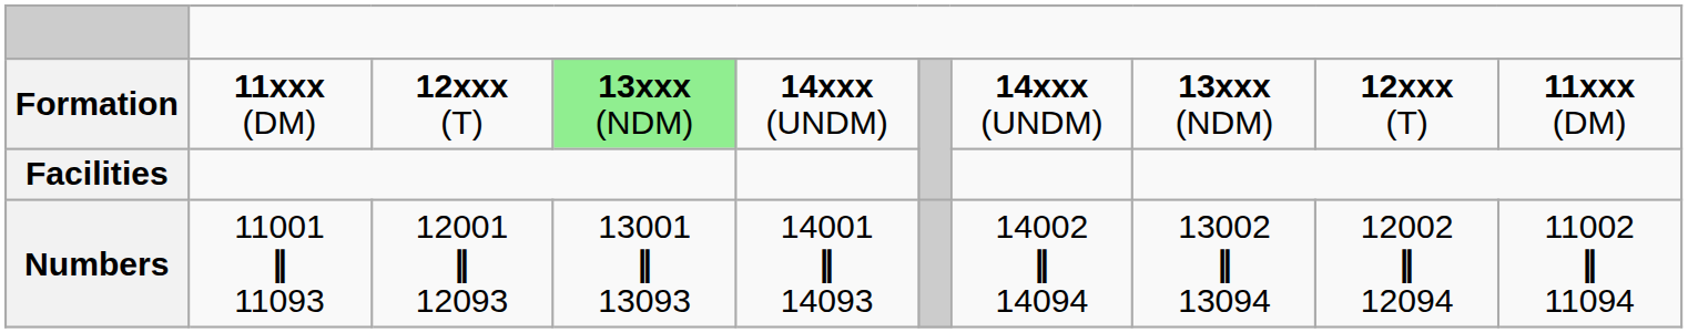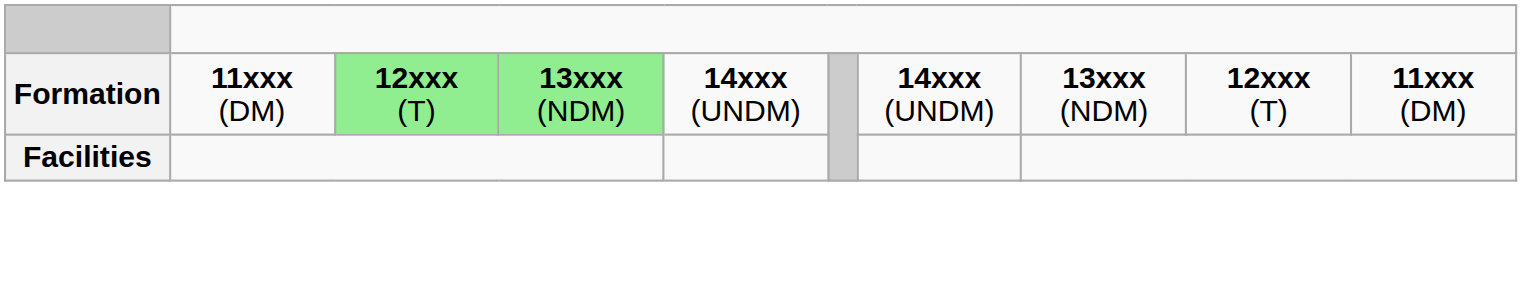 <table class="wikitable" style="text-align:center; font-size:90%;">
 <tr>
 <th style="background-color:#ccc;"> </th>
 <td colspan="9"></td>
 </tr>
 <tr style="border-top:solid 4px #">
 <th style="width:5em">Formation</th>
 <td style="width:5em"><strong>11xxx</strong><br>(DM)</td>
-<td style="width:5em"><strong>12xxx</strong><br>(T)</td>
+<td style="background: lightgreen; width:5em"><strong>12xxx</strong><br>(T)</td>
 <td style="background: lightgreen; width:5em"><strong>13xxx</strong><br>(NDM)</td>
 <td style="width:5em"><strong>14xxx</strong><br>(UNDM)</td>
 <th rowspan="2" style="width:0.5em; background-color:#ccc;"></th>
 <td style="width:5em"><strong>14xxx</strong><br>(UNDM)</td>
 <td style="width:5em"><strong>13xxx</strong><br>(NDM)</td>
 <td style="width:5em"><strong>12xxx</strong><br>(T)</td>
 <td style="width:5em"><strong>11xxx</strong><br>(DM)</td>
 </tr>
 <tr style="border-bottom:solid 4px #">
 <th>Facilities</th>
 <td colspan="3" style="width:5em"></td>
 <td style="width:5em"></td>
 <td style="width:5em"></td>
 <td colspan="3" style="width:5em"></td>
 </tr>
-<tr>
-<th>Numbers</th>
-<td align=center>11001<br><strong>∥</strong><br>11093</td>
-<td align=center>12001<br><strong>∥</strong><br>12093</td>
-<td align=center>13001<br><strong>∥</strong><br>13093</td>
-<td align=center>14001<br><strong>∥</strong><br>14093</td>
-<th style="background-color:#ccc;"></th>
-<td align=center>14002<br><strong>∥</strong><br>14094</td>
-<td align=center>13002<br><strong>∥</strong><br>13094</td>
-<td align=center>12002<br><strong>∥</strong><br>12094</td>
-<td align=center>11002<br><strong>∥</strong><br>11094</td>
-</tr>
 </table>
